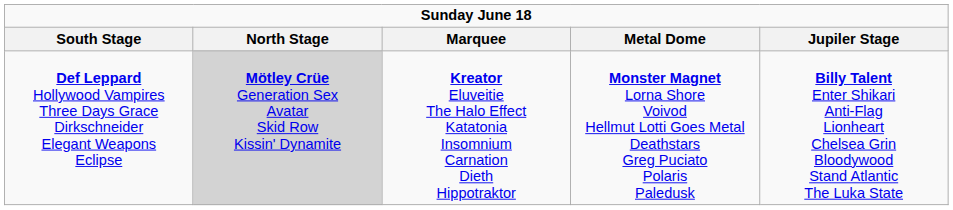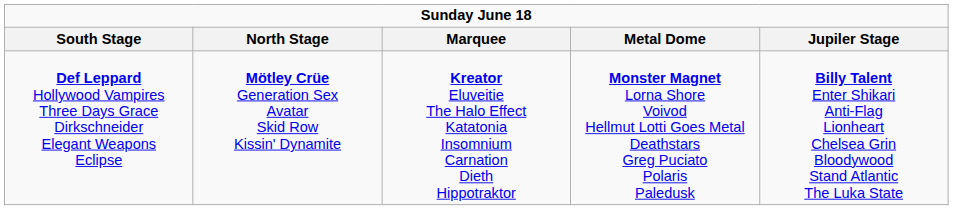 <table class="wikitable">
 <tr>
 <td colspan="5" style="text-align:center;"><strong>Sunday June 18</strong></td>
 </tr>
 <tr>
 <th>South Stage</th>
 <th>North Stage</th>
 <th>Marquee</th>
 <th>Metal Dome</th>
 <th>Jupiler Stage</th>
 </tr>
 <tr>
 <td style="text-align:center; vertical-align:top; width:200px;"><br><strong><a href='#'>Def Leppard</a></strong> <br> <a href='#'>Hollywood Vampires</a> <br> <a href='#'>Three Days Grace</a> <br> <a href='#'>Dirkschneider</a> <br> <a href='#'>Elegant Weapons</a> <br> <a href='#'>Eclipse</a> <br></td>
-<td style="background: lightgrey; text-align:center; vertical-align:top; width:200px;"><br><strong><a href='#'>Mötley Crüe</a></strong> <br> <a href='#'>Generation Sex</a> <br> <a href='#'>Avatar</a> <br> <a href='#'>Skid Row</a> <br> <a href='#'>Kissin' Dynamite</a> <br></td>
+<td style="text-align:center; vertical-align:top; width:200px;"><br><strong><a href='#'>Mötley Crüe</a></strong> <br> <a href='#'>Generation Sex</a> <br> <a href='#'>Avatar</a> <br> <a href='#'>Skid Row</a> <br> <a href='#'>Kissin' Dynamite</a> <br></td>
 <td style="text-align:center; vertical-align:top; width:200px;"><br><strong><a href='#'>Kreator</a></strong> <br> <a href='#'>Eluveitie</a> <br> <a href='#'>The Halo Effect</a> <br> <a href='#'>Katatonia</a> <br> <a href='#'>Insomnium</a> <br> <a href='#'>Carnation</a> <br> <a href='#'>Dieth</a> <br> <a href='#'>Hippotraktor</a> <br></td>
 <td style="text-align:center; vertical-align:top; width:200px;"><br><strong><a href='#'>Monster Magnet</a></strong> <br> <a href='#'>Lorna Shore</a> <br> <a href='#'>Voivod</a> <br> <a href='#'>Hellmut Lotti Goes Metal</a> <br> <a href='#'>Deathstars</a> <br> <a href='#'>Greg Puciato</a> <br> <a href='#'>Polaris</a> <br> <a href='#'>Paledusk</a> <br></td>
 <td style="text-align:center; vertical-align:top; width:200px;"><br><strong><a href='#'>Billy Talent</a></strong> <br> <a href='#'>Enter Shikari</a> <br> <a href='#'>Anti-Flag</a> <br> <a href='#'>Lionheart</a> <br> <a href='#'>Chelsea Grin</a> <br> <a href='#'>Bloodywood</a> <br> <a href='#'>Stand Atlantic</a> <br> <a href='#'>The Luka State</a> <br></td>
 </tr>
 </table>
